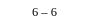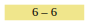 <table style="text-align:center">
 <tr>
 <th width=200></th>
 <th width=100></th>
 <th width=200></th>
 </tr>
 <tr>
 <td align=right><strong></strong></td>
-<td>6 – 6</td>
+<td style="background: khaki;">6 – 6</td>
 <td align=left><strong></strong></td>
 </tr>
 </table>
